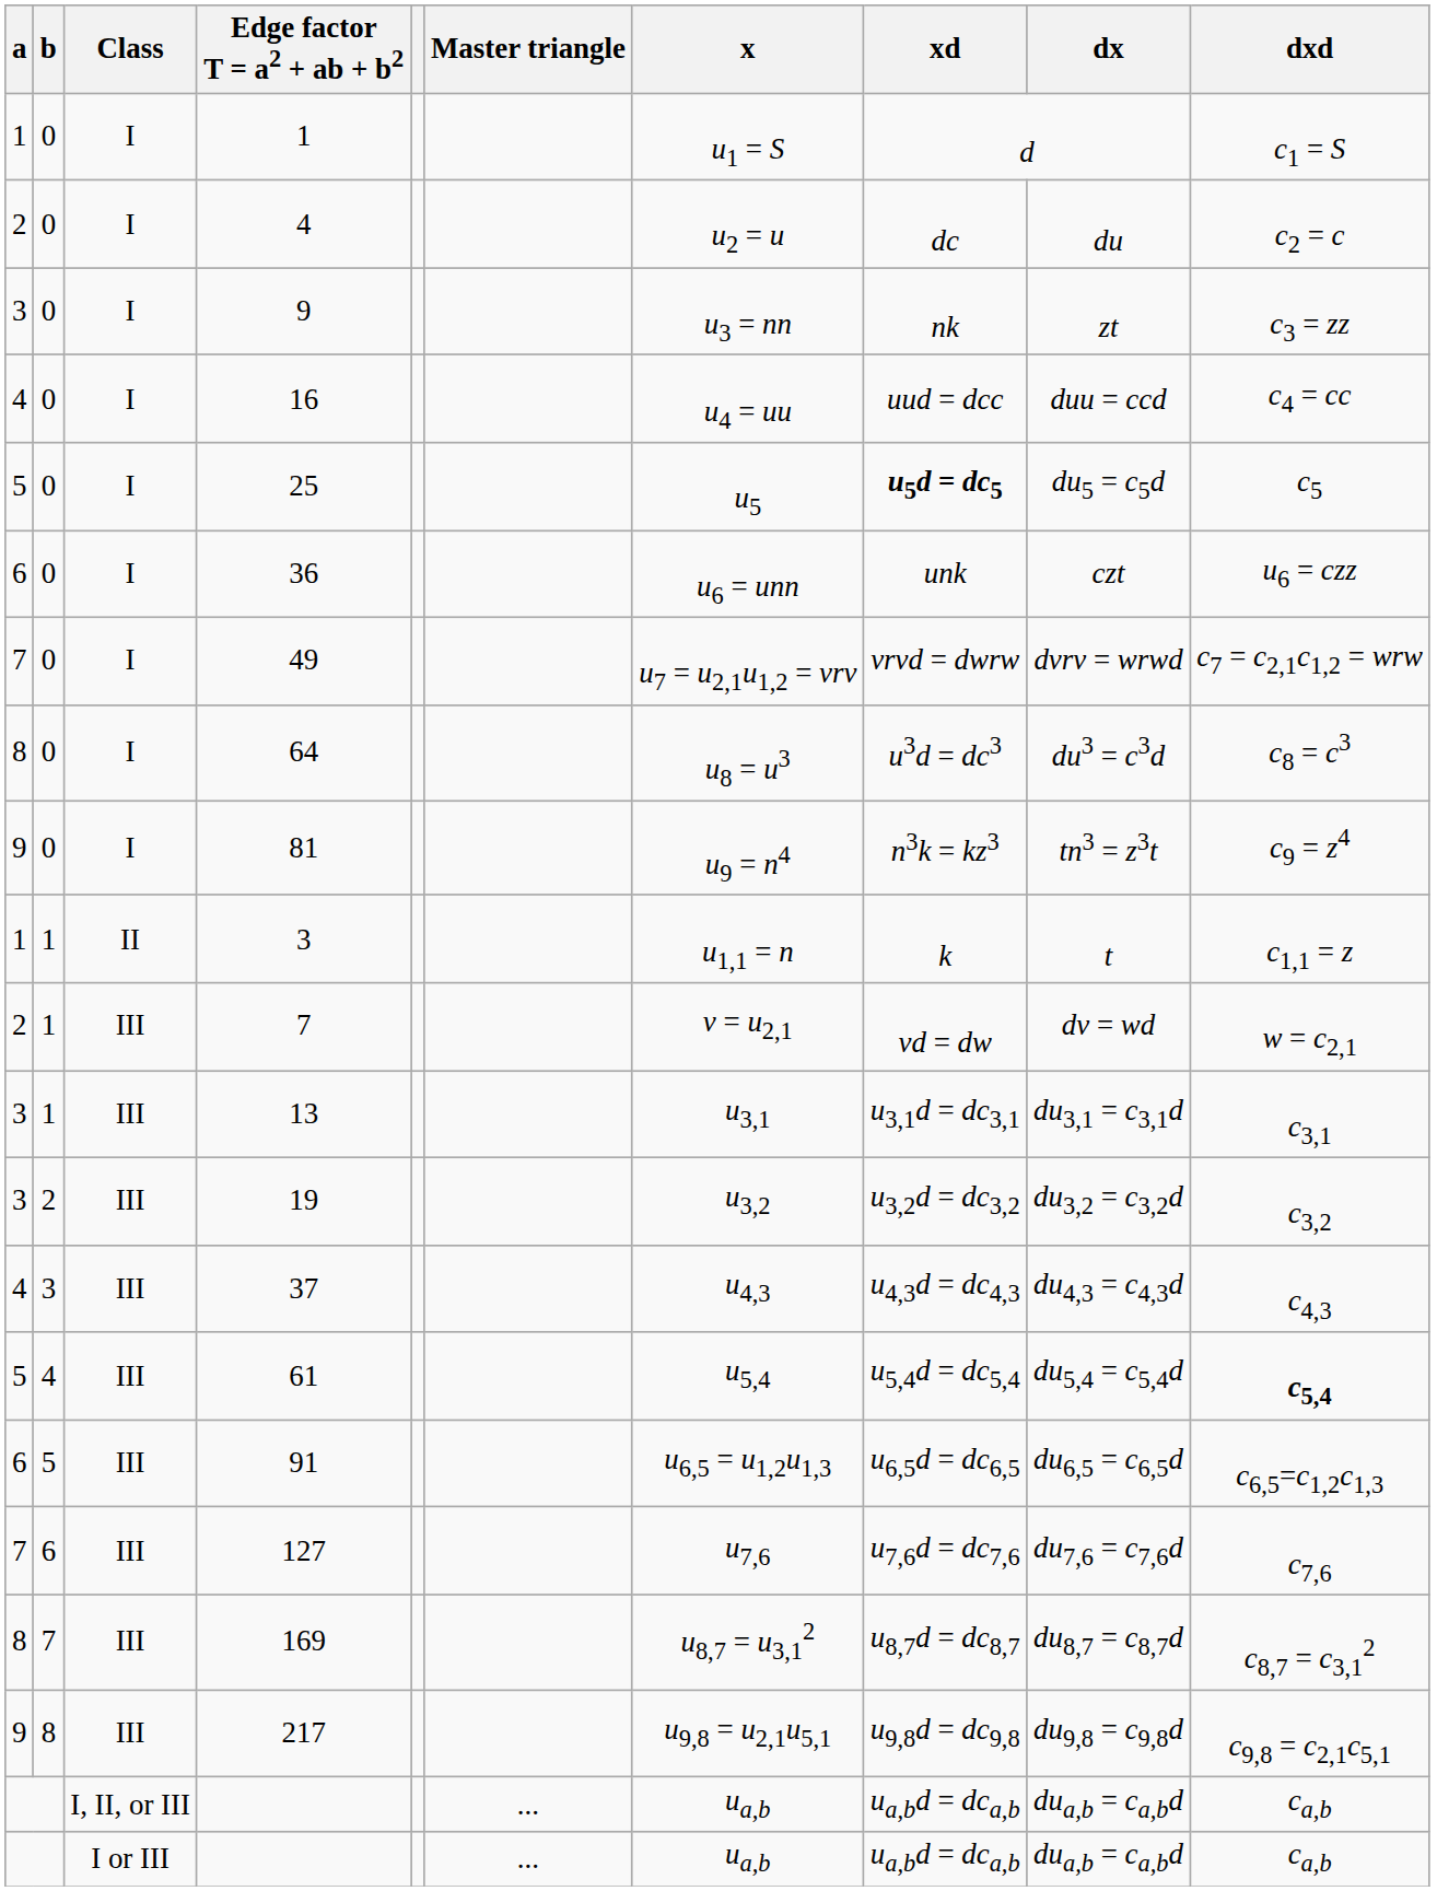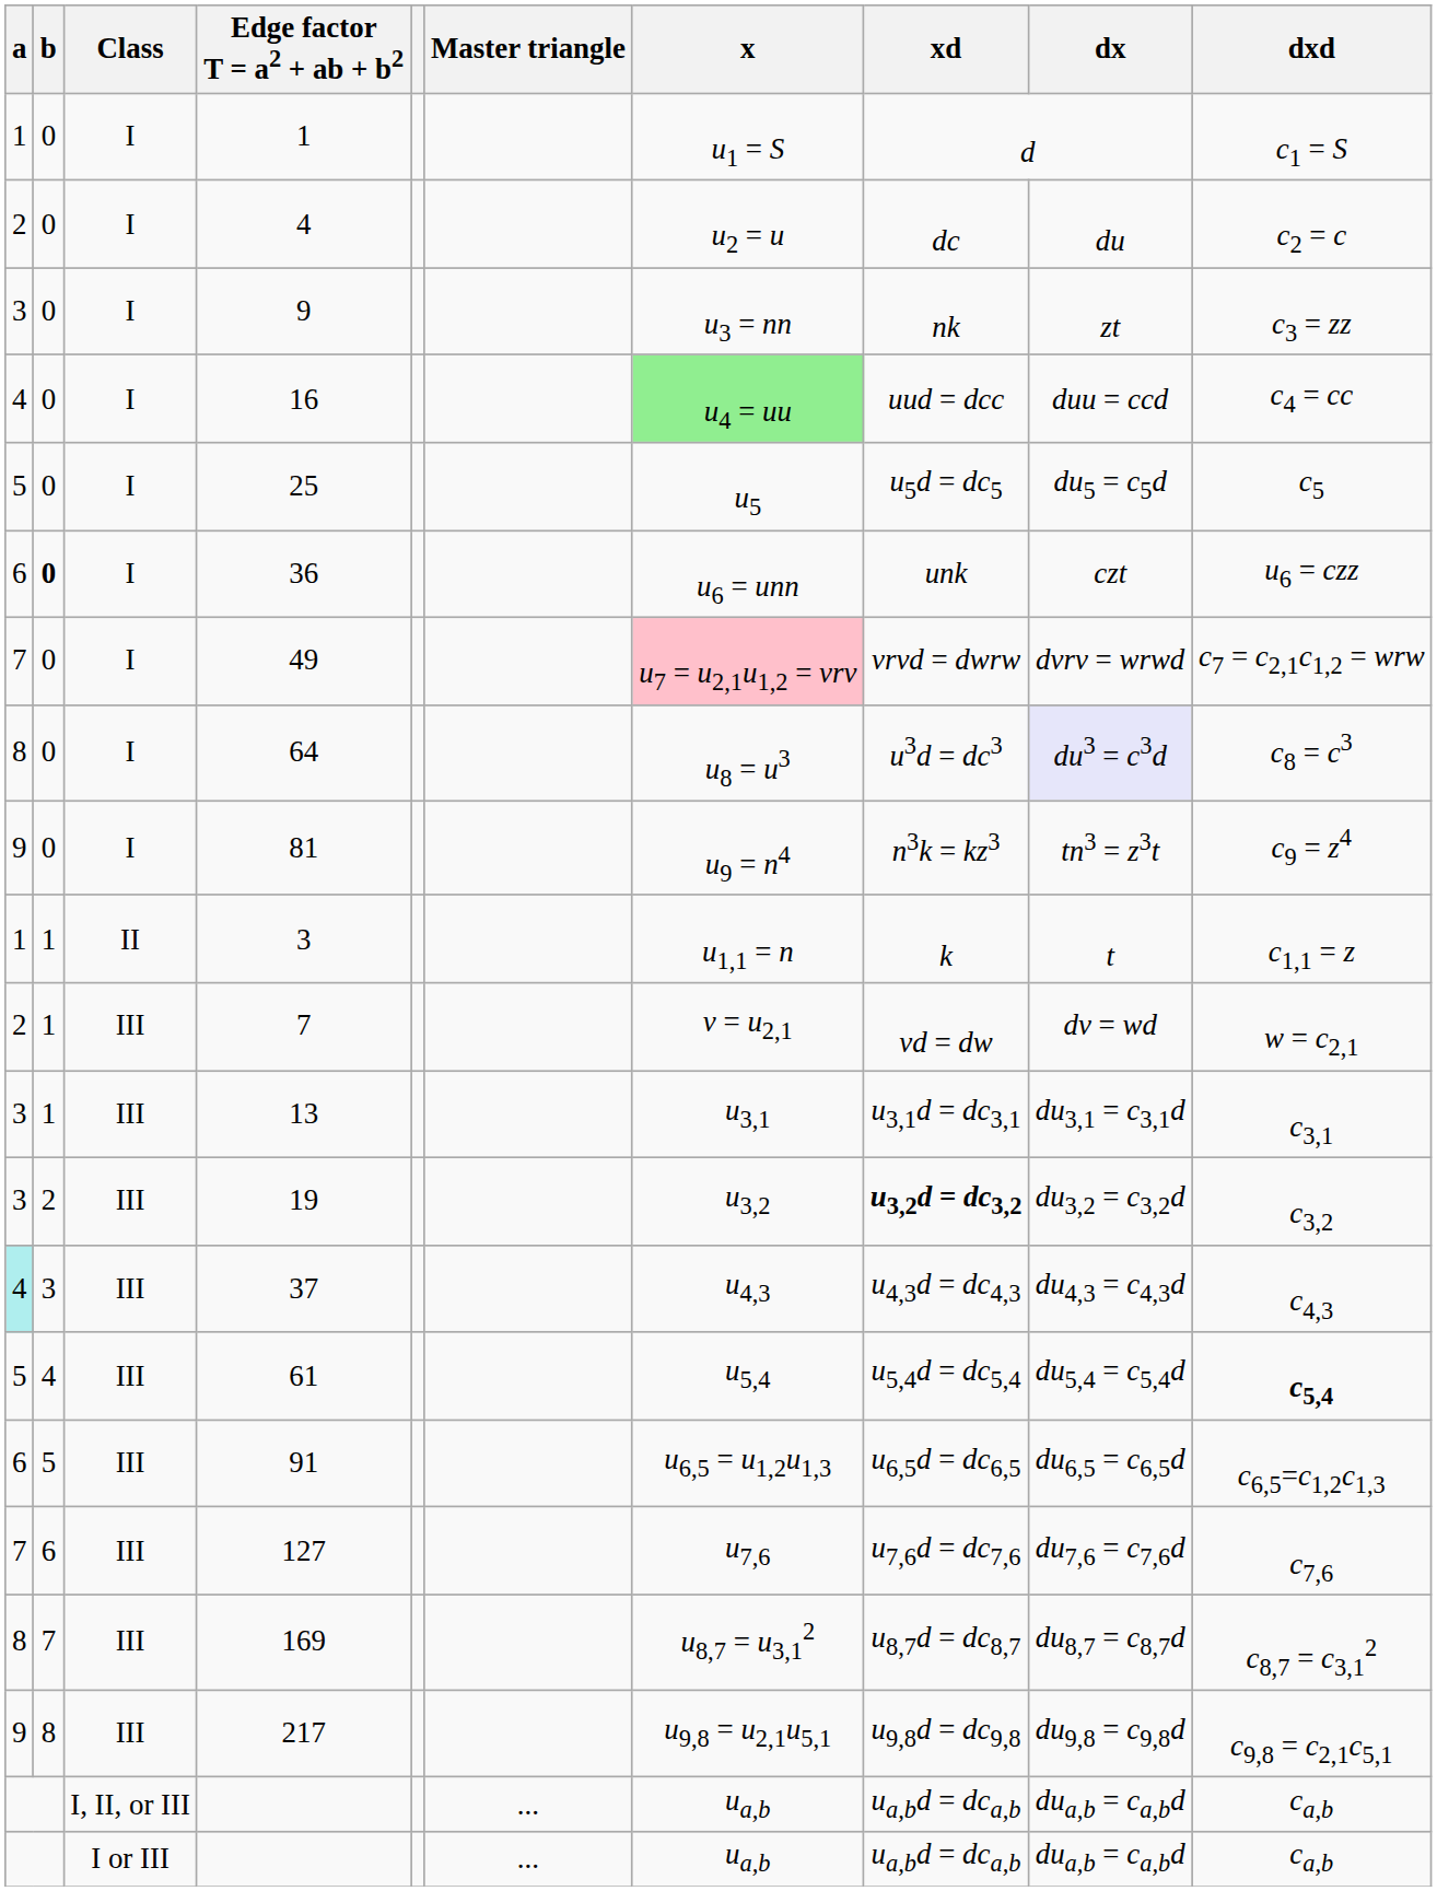 <table class="wikitable sortable" style="text-align: center">
 <tr>
 <th>a</th>
 <th>b</th>
 <th>Class</th>
 <th>Edge factor <br>T = a<sup>2</sup> + ab + b<sup>2</sup></th>
 <th></th>
 <th>Master triangle</th>
 <th>x</th>
 <th>xd</th>
 <th>dx</th>
 <th>dxd</th>
 </tr>
 <tr>
 <td>1</td>
 <td>0</td>
 <td>I</td>
 <td>1</td>
 <td></td>
 <td></td>
 <td><br><em>u</em><sub>1</sub> = <em>S</em></td>
 <td colspan=2><br><em>d</em></td>
 <td><br><em>c</em><sub>1</sub> = <em>S</em></td>
 </tr>
 <tr>
 <td>2</td>
 <td>0</td>
 <td>I</td>
 <td>4</td>
 <td></td>
 <td></td>
 <td><br><em>u</em><sub>2</sub> = <em>u</em></td>
 <td><br><em>dc</em></td>
 <td><br><em>du</em></td>
 <td><br><em>c</em><sub>2</sub> = <em>c</em></td>
 </tr>
 <tr>
 <td>3</td>
 <td>0</td>
 <td>I</td>
 <td>9</td>
 <td></td>
 <td></td>
 <td><br><em>u</em><sub>3</sub> = <em>nn</em></td>
 <td><br><em>nk</em></td>
 <td><br><em>zt</em></td>
 <td><br><em>c</em><sub>3</sub> = <em>zz</em></td>
 </tr>
 <tr>
 <td>4</td>
 <td>0</td>
 <td>I</td>
 <td>16</td>
 <td></td>
 <td></td>
-<td><br><em>u</em><sub>4</sub> = <em>uu</em></td>
+<td style="background: lightgreen;"><br><em>u</em><sub>4</sub> = <em>uu</em></td>
 <td><em>uud</em> = <em>dcc</em></td>
 <td><em>duu</em> = <em>ccd</em></td>
 <td><em>c</em><sub>4</sub> = <em>cc</em></td>
 </tr>
 <tr>
 <td>5</td>
 <td>0</td>
 <td>I</td>
 <td>25</td>
 <td></td>
 <td></td>
 <td><br><em>u</em><sub>5</sub></td>
-<td><strong><em>u</em><sub>5</sub><em>d</em> = <em>dc</em><sub>5</sub></strong></td>
+<td><em>u</em><sub>5</sub><em>d</em> = <em>dc</em><sub>5</sub></td>
 <td><em>du</em><sub>5</sub> = <em>c</em><sub>5</sub><em>d</em></td>
 <td><em>c</em><sub>5</sub></td>
 </tr>
 <tr>
 <td>6</td>
-<td>0</td>
+<td><strong>0</strong></td>
 <td>I</td>
 <td>36</td>
 <td></td>
 <td></td>
 <td><br><em>u</em><sub>6</sub> = <em>unn</em></td>
 <td><em>unk</em></td>
 <td><em>czt</em></td>
 <td><em>u</em><sub>6</sub> = <em>czz</em></td>
 </tr>
 <tr>
 <td>7</td>
 <td>0</td>
 <td>I</td>
 <td>49</td>
 <td></td>
 <td></td>
-<td><br><em>u</em><sub>7</sub> = <em>u</em><sub>2,1</sub><em>u</em><sub>1,2</sub> = <em>vrv</em></td>
+<td style="background: pink;"><br><em>u</em><sub>7</sub> = <em>u</em><sub>2,1</sub><em>u</em><sub>1,2</sub> = <em>vrv</em></td>
 <td><em>vrvd</em> = <em>dwrw</em></td>
 <td><em>dvrv</em> = <em>wrwd</em></td>
 <td><em>c</em><sub>7</sub> = <em>c</em><sub>2,1</sub><em>c</em><sub>1,2</sub> = <em>wrw</em></td>
 </tr>
 <tr>
 <td>8</td>
 <td>0</td>
 <td>I</td>
 <td>64</td>
 <td></td>
 <td></td>
 <td><br><em>u</em><sub>8</sub> = <em>u</em><sup>3</sup></td>
 <td><em>u</em><sup>3</sup><em>d</em> = <em>dc</em><sup>3</sup></td>
-<td><em>du</em><sup>3</sup> = <em>c</em><sup>3</sup><em>d</em></td>
+<td style="background: lavender;"><em>du</em><sup>3</sup> = <em>c</em><sup>3</sup><em>d</em></td>
 <td><em>c</em><sub>8</sub> = <em>c</em><sup>3</sup></td>
 </tr>
 <tr>
 <td>9</td>
 <td>0</td>
 <td>I</td>
 <td>81</td>
 <td></td>
 <td></td>
 <td><br><em>u</em><sub>9</sub> = <em>n</em><sup>4</sup></td>
 <td><em>n</em><sup>3</sup><em>k</em> = <em>kz</em><sup>3</sup></td>
 <td><em>tn</em><sup>3</sup> = <em>z</em><sup>3</sup><em>t</em></td>
 <td><em>c</em><sub>9</sub> = <em>z</em><sup>4</sup></td>
 </tr>
 <tr>
 <td>1</td>
 <td>1</td>
 <td>II</td>
 <td>3</td>
 <td></td>
 <td></td>
 <td><br><em>u</em><sub>1,1</sub> = <em>n</em></td>
 <td><br><em>k</em></td>
 <td><br><em>t</em></td>
 <td><br><em>c</em><sub>1,1</sub> = <em>z</em></td>
 </tr>
 <tr>
 <td>2</td>
 <td>1</td>
 <td>III</td>
 <td>7</td>
 <td></td>
 <td></td>
 <td><em>v</em> = <em>u</em><sub>2,1</sub></td>
 <td><br><em>vd</em> = <em>dw</em></td>
 <td><em>dv</em> = <em>wd</em></td>
 <td><br><em>w</em> = <em>c</em><sub>2,1</sub></td>
 </tr>
 <tr>
 <td>3</td>
 <td>1</td>
 <td>III</td>
 <td>13</td>
 <td></td>
 <td></td>
 <td><em>u</em><sub>3,1</sub></td>
 <td><em>u</em><sub>3,1</sub><em>d</em> = <em>dc</em><sub>3,1</sub></td>
 <td><em>du</em><sub>3,1</sub> = <em>c</em><sub>3,1</sub><em>d</em></td>
 <td><br><em>c</em><sub>3,1</sub></td>
 </tr>
 <tr>
 <td>3</td>
 <td>2</td>
 <td>III</td>
 <td>19</td>
 <td></td>
 <td></td>
 <td><em>u</em><sub>3,2</sub></td>
-<td><em>u</em><sub>3,2</sub><em>d</em> = <em>dc</em><sub>3,2</sub></td>
+<td><strong><em>u</em><sub>3,2</sub><em>d</em> = <em>dc</em><sub>3,2</sub></strong></td>
 <td><em>du</em><sub>3,2</sub> = <em>c</em><sub>3,2</sub><em>d</em></td>
 <td><br><em>c</em><sub>3,2</sub></td>
 </tr>
 <tr>
-<td>4</td>
+<td style="background: paleturquoise;">4</td>
 <td>3</td>
 <td>III</td>
 <td>37</td>
 <td></td>
 <td></td>
 <td><em>u</em><sub>4,3</sub></td>
 <td><em>u</em><sub>4,3</sub><em>d</em> = <em>dc</em><sub>4,3</sub></td>
 <td><em>du</em><sub>4,3</sub> = <em>c</em><sub>4,3</sub><em>d</em></td>
 <td><br><em>c</em><sub>4,3</sub></td>
 </tr>
 <tr>
 <td>5</td>
 <td>4</td>
 <td>III</td>
 <td>61</td>
 <td></td>
 <td></td>
 <td><em>u</em><sub>5,4</sub></td>
 <td><em>u</em><sub>5,4</sub><em>d</em> = <em>dc</em><sub>5,4</sub></td>
 <td><em>du</em><sub>5,4</sub> = <em>c</em><sub>5,4</sub><em>d</em></td>
 <td><strong><br><em>c</em><sub>5,4</sub></strong></td>
 </tr>
 <tr>
 <td>6</td>
 <td>5</td>
 <td>III</td>
 <td>91</td>
 <td></td>
 <td></td>
 <td><em>u</em><sub>6,5</sub> = <em>u</em><sub>1,2</sub><em>u</em><sub>1,3</sub></td>
 <td><em>u</em><sub>6,5</sub><em>d</em> = <em>dc</em><sub>6,5</sub></td>
 <td><em>du</em><sub>6,5</sub> = <em>c</em><sub>6,5</sub><em>d</em></td>
 <td><br><em>c</em><sub>6,5</sub>=<em>c</em><sub>1,2</sub><em>c</em><sub>1,3</sub></td>
 </tr>
 <tr>
 <td>7</td>
 <td>6</td>
 <td>III</td>
 <td>127</td>
 <td></td>
 <td></td>
 <td><em>u</em><sub>7,6</sub></td>
 <td><em>u</em><sub>7,6</sub><em>d</em> = <em>dc</em><sub>7,6</sub></td>
 <td><em>du</em><sub>7,6</sub> = <em>c</em><sub>7,6</sub><em>d</em></td>
 <td><br><em>c</em><sub>7,6</sub></td>
 </tr>
 <tr>
 <td>8</td>
 <td>7</td>
 <td>III</td>
 <td>169</td>
 <td></td>
 <td></td>
 <td><em>u</em><sub>8,7</sub> = <em>u</em><sub>3,1</sub><sup>2</sup></td>
 <td><em>u</em><sub>8,7</sub><em>d</em> = <em>dc</em><sub>8,7</sub></td>
 <td><em>du</em><sub>8,7</sub> = <em>c</em><sub>8,7</sub><em>d</em></td>
 <td><br><em>c</em><sub>8,7</sub> = <em>c</em><sub>3,1</sub><sup>2</sup></td>
 </tr>
 <tr>
 <td>9</td>
 <td>8</td>
 <td>III</td>
 <td>217</td>
 <td></td>
 <td></td>
 <td><em>u</em><sub>9,8</sub> = <em>u</em><sub>2,1</sub><em>u</em><sub>5,1</sub></td>
 <td><em>u</em><sub>9,8</sub><em>d</em> = <em>dc</em><sub>9,8</sub></td>
 <td><em>du</em><sub>9,8</sub> = <em>c</em><sub>9,8</sub><em>d</em></td>
 <td><br><em>c</em><sub>9,8</sub> = <em>c</em><sub>2,1</sub><em>c</em><sub>5,1</sub></td>
 </tr>
 <tr>
 <td colspan=2></td>
 <td>I, II, or III</td>
 <td></td>
 <td></td>
 <td>...</td>
 <td><em>u<sub>a,b</sub></em></td>
 <td><em>u<sub>a,b</sub>d</em> = <em>dc<sub>a,b</sub></em></td>
 <td><em>du<sub>a,b</sub></em> = <em>c<sub>a,b</sub>d</em></td>
 <td><em>c<sub>a,b</sub></em></td>
 </tr>
 <tr>
 <td colspan=2></td>
 <td>I or III</td>
 <td></td>
 <td></td>
 <td>...</td>
 <td><em>u<sub>a,b</sub></em></td>
 <td><em>u<sub>a,b</sub>d</em> = <em>dc<sub>a,b</sub></em></td>
 <td><em>du<sub>a,b</sub></em> = <em>c<sub>a,b</sub>d</em></td>
 <td><em>c<sub>a,b</sub></em></td>
 </tr>
 </table>
